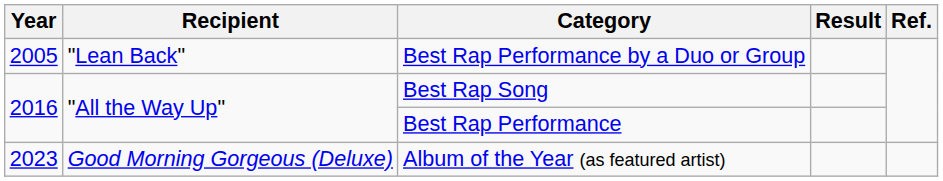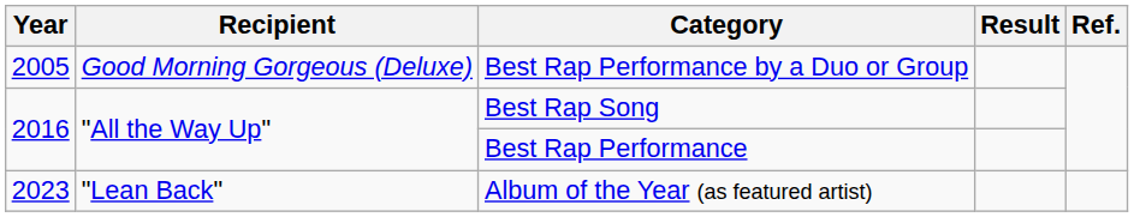 <table class="wikitable">
 <tr>
 <th>Year</th>
 <th>Recipient</th>
 <th>Category</th>
 <th>Result</th>
 <th>Ref.</th>
 </tr>
 <tr>
 <td><a href='#'>2005</a></td>
-<td>"<a href='#'>Lean Back</a>"</td>
+<td><em><a href='#'>Good Morning Gorgeous (Deluxe)</a></em></td>
 <td><a href='#'>Best Rap Performance by a Duo or Group</a></td>
 <td></td>
 <td rowspan=3></td>
 </tr>
 <tr>
 <td rowspan=2><a href='#'>2016</a></td>
 <td rowspan=2>"<a href='#'>All the Way Up</a>"</td>
 <td><a href='#'>Best Rap Song</a></td>
 <td></td>
 </tr>
 <tr>
 <td><a href='#'>Best Rap Performance</a></td>
 <td></td>
 </tr>
 <tr>
 <td><a href='#'>2023</a></td>
-<td><em><a href='#'>Good Morning Gorgeous (Deluxe)</a></em></td>
+<td>"<a href='#'>Lean Back</a>"</td>
 <td><a href='#'>Album of the Year</a> <small>(as featured artist)</small></td>
 <td></td>
 <td></td>
 </tr>
 </table>
